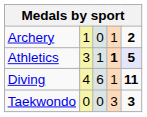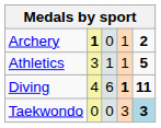 <table class="wikitable" style="font-size:90%; text-align:center;">
 <tr>
 <th colspan="5">Medals by sport</th>
 </tr>
 <tr>
 <td align="left"><a href='#'>Archery</a></td>
-<td style="background:#F7F6A8;">1</td>
+<td style="background:#F7F6A8;"><strong>1</strong></td>
 <td style="background:#DCE5E5;">0</td>
 <td style="background:#FFDAB9;">1</td>
 <td><strong>2</strong></td>
 </tr>
 <tr>
 <td align="left"><a href='#'>Athletics</a></td>
 <td style="background:#F7F6A8;">3</td>
 <td style="background:#DCE5E5;">1</td>
-<td style="background:#FFDAB9;"><strong>1</strong></td>
-<td style="background: lavender;"><strong>5</strong></td>
+<td style="background:#FFDAB9;">1</td>
+<td><strong>5</strong></td>
 </tr>
 <tr>
 <td align="left"><a href='#'>Diving</a></td>
 <td style="background:#F7F6A8;">4</td>
 <td style="background:#DCE5E5;">6</td>
-<td style="background:#FFDAB9;">1</td>
+<td style="background:#FFDAB9;"><strong>1</strong></td>
 <td><strong>11</strong></td>
 </tr>
 <tr>
 <td align="left"><a href='#'>Taekwondo</a></td>
 <td style="background:#F7F6A8;">0</td>
 <td style="background:#DCE5E5;">0</td>
 <td style="background:#FFDAB9;">3</td>
-<td><strong>3</strong></td>
+<td style="background: lightblue;"><strong>3</strong></td>
 </tr>
 </table>
